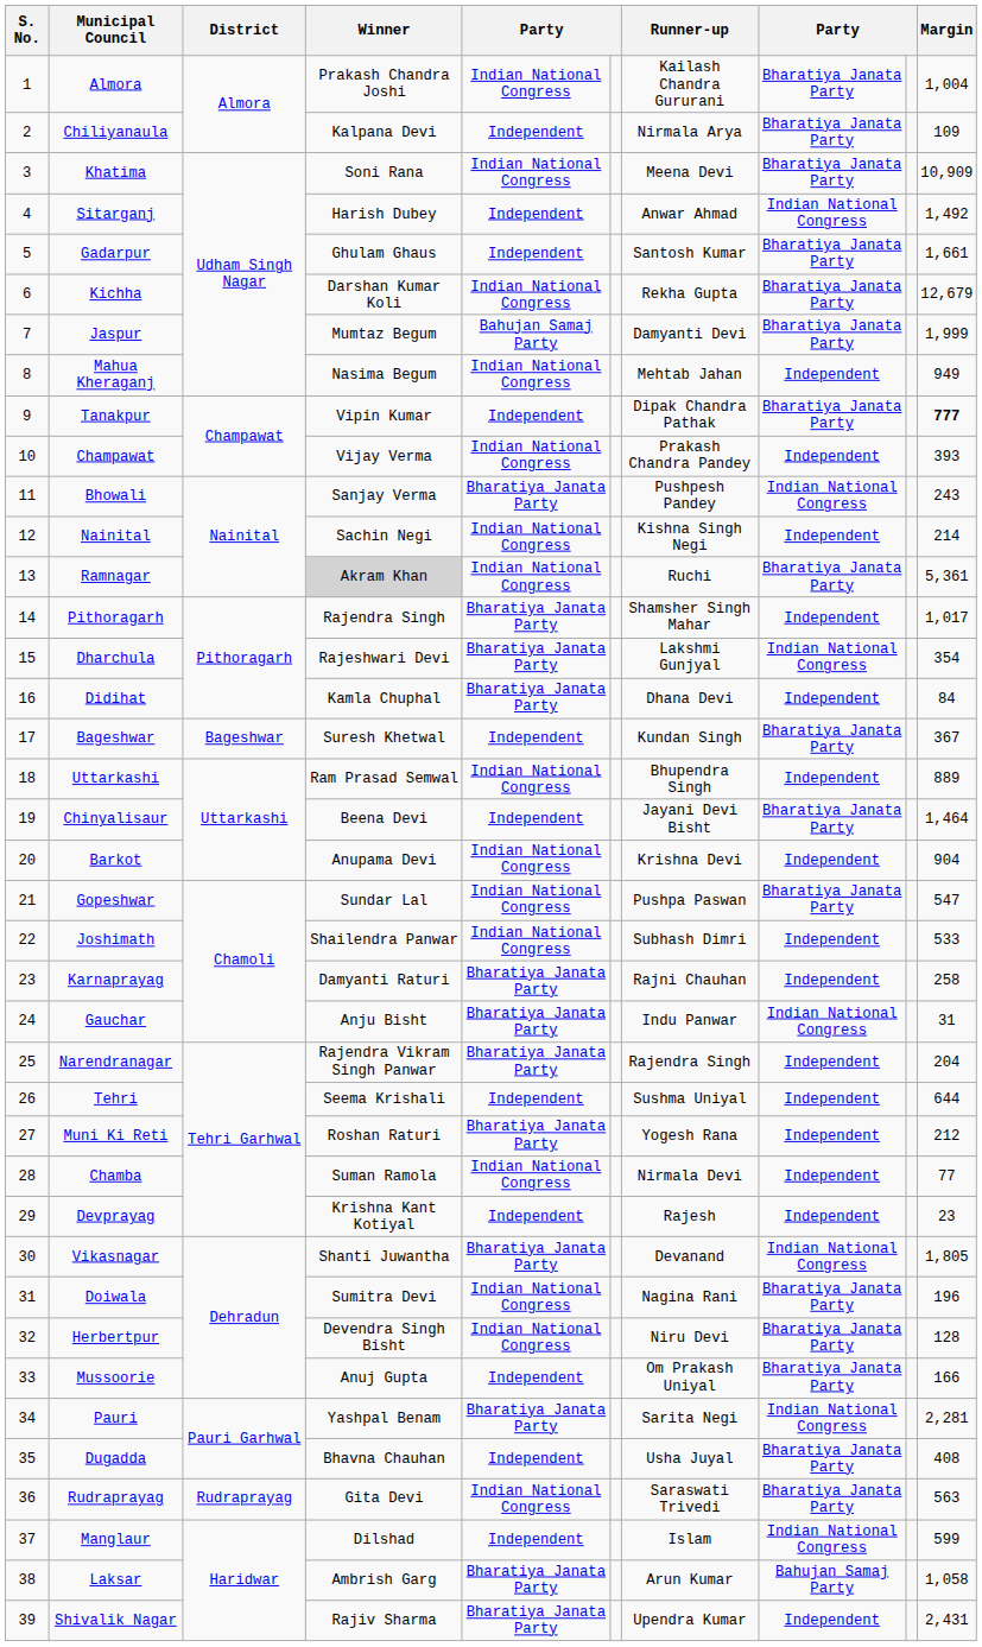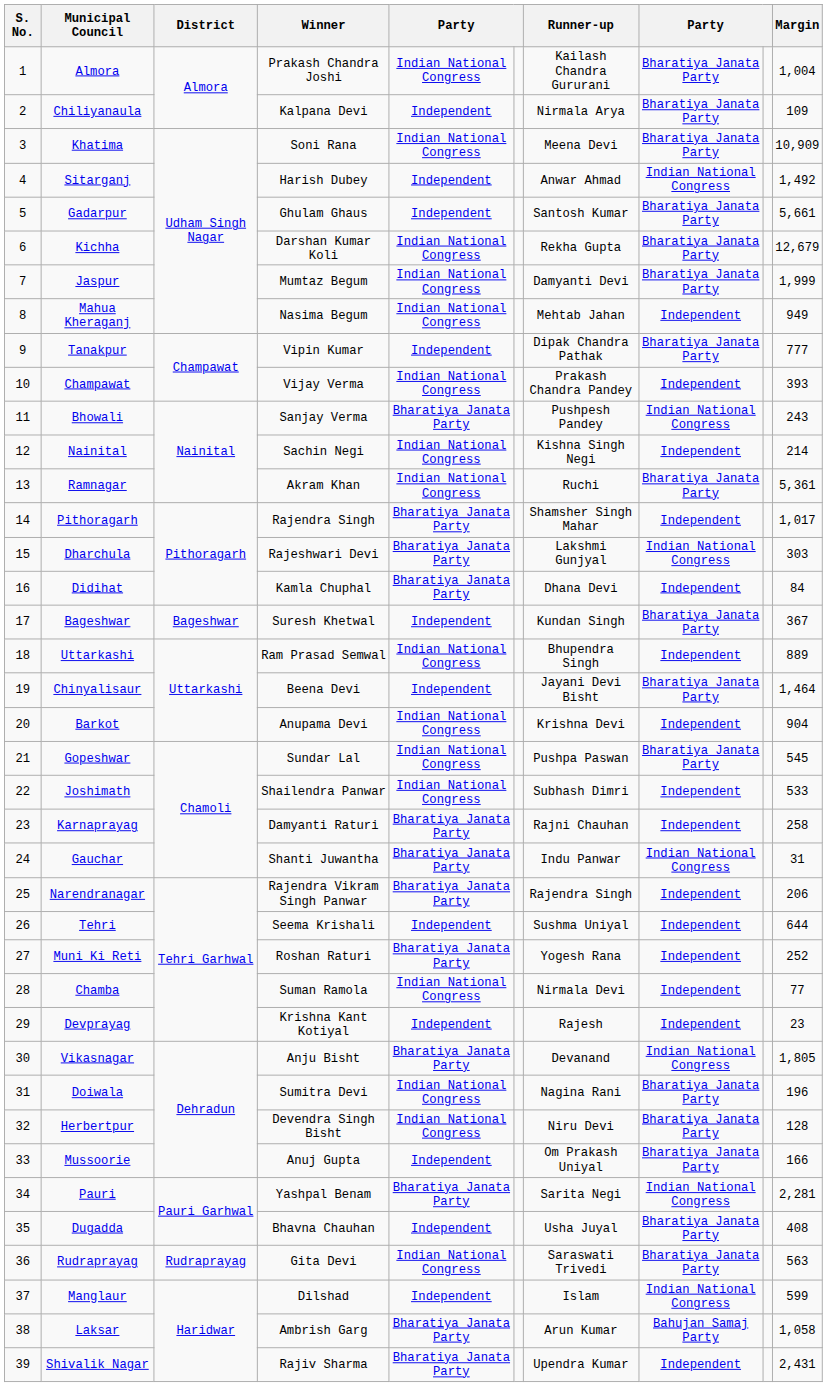 <table class="wikitable sortable">
 <tr style="text-align:center; height:45px;">
 <th scope="col">S. No.</th>
 <th>Municipal Council</th>
 <th>District</th>
 <th>Winner</th>
 <th colspan=2>Party</th>
 <th>Runner-up</th>
 <th colspan=2>Party</th>
 <th>Margin</th>
 </tr>
 <tr style="text-align:center; height:30px;">
 <td>1</td>
 <td><a href='#'>Almora</a></td>
 <td rowspan="2"><a href='#'>Almora</a></td>
 <td>Prakash Chandra Joshi</td>
 <td><a href='#'>Indian National Congress</a></td>
 <td width="4px" style="background-color: "></td>
 <td>Kailash Chandra Gururani</td>
 <td><a href='#'>Bharatiya Janata Party</a></td>
 <td width="4px" style="background-color: "></td>
 <td>1,004</td>
 </tr>
 <tr style="text-align:center; height:30px;">
 <td>2</td>
 <td><a href='#'>Chiliyanaula</a></td>
 <td>Kalpana Devi</td>
 <td><a href='#'>Independent</a></td>
 <td width="4px" style="background-color: "></td>
 <td>Nirmala Arya</td>
 <td><a href='#'>Bharatiya Janata Party</a></td>
 <td width="4px" style="background-color: "></td>
 <td>109</td>
 </tr>
 <tr style="text-align:center; height:30px;">
 <td>3</td>
 <td><a href='#'>Khatima</a></td>
 <td rowspan="6"><a href='#'>Udham Singh Nagar</a></td>
 <td>Soni Rana</td>
 <td><a href='#'>Indian National Congress</a></td>
 <td width="4px" style="background-color: "></td>
 <td>Meena Devi</td>
 <td><a href='#'>Bharatiya Janata Party</a></td>
 <td width="4px" style="background-color: "></td>
 <td>10,909</td>
 </tr>
 <tr style="text-align:center; height:30px;">
 <td>4</td>
 <td><a href='#'>Sitarganj</a></td>
 <td>Harish Dubey</td>
 <td><a href='#'>Independent</a></td>
 <td width="4px" style="background-color: "></td>
 <td>Anwar Ahmad</td>
 <td><a href='#'>Indian National Congress</a></td>
 <td width="4px" style="background-color: "></td>
 <td>1,492</td>
 </tr>
 <tr style="text-align:center; height:30px;">
 <td>5</td>
 <td><a href='#'>Gadarpur</a></td>
 <td>Ghulam Ghaus</td>
 <td><a href='#'>Independent</a></td>
 <td width="4px" style="background-color: "></td>
 <td>Santosh Kumar</td>
 <td><a href='#'>Bharatiya Janata Party</a></td>
 <td width="4px" style="background-color: "></td>
-<td>1,661</td>
+<td>5,661</td>
 </tr>
 <tr style="text-align:center; height:30px;">
 <td>6</td>
 <td><a href='#'>Kichha</a></td>
 <td>Darshan Kumar Koli</td>
 <td><a href='#'>Indian National Congress</a></td>
 <td width="4px" style="background-color: "></td>
 <td>Rekha Gupta</td>
 <td><a href='#'>Bharatiya Janata Party</a></td>
 <td width="4px" style="background-color: "></td>
 <td>12,679</td>
 </tr>
 <tr style="text-align:center; height:30px;">
 <td>7</td>
 <td><a href='#'>Jaspur</a></td>
 <td>Mumtaz Begum</td>
-<td><a href='#'>Bahujan Samaj Party</a></td>
+<td><a href='#'>Indian National Congress</a></td>
 <td width="4px" style="background-color: "></td>
 <td>Damyanti Devi</td>
 <td><a href='#'>Bharatiya Janata Party</a></td>
 <td width="4px" style="background-color: "></td>
 <td>1,999</td>
 </tr>
 <tr style="text-align:center; height:30px;">
 <td>8</td>
 <td><a href='#'>Mahua Kheraganj</a></td>
 <td>Nasima Begum</td>
 <td><a href='#'>Indian National Congress</a></td>
 <td width="4px" style="background-color: "></td>
 <td>Mehtab Jahan</td>
 <td><a href='#'>Independent</a></td>
 <td width="4px" style="background-color: "></td>
 <td>949</td>
 </tr>
 <tr style="text-align:center; height:30px;">
 <td>9</td>
 <td><a href='#'>Tanakpur</a></td>
 <td rowspan="2"><a href='#'>Champawat</a></td>
 <td>Vipin Kumar</td>
 <td><a href='#'>Independent</a></td>
 <td width="4px" style="background-color: "></td>
 <td>Dipak Chandra Pathak</td>
 <td><a href='#'>Bharatiya Janata Party</a></td>
 <td width="4px" style="background-color: "></td>
-<td><strong>777</strong></td>
+<td>777</td>
 </tr>
 <tr style="text-align:center; height:30px;">
 <td>10</td>
 <td><a href='#'>Champawat</a></td>
 <td>Vijay Verma</td>
 <td><a href='#'>Indian National Congress</a></td>
 <td width="4px" style="background-color: "></td>
 <td>Prakash Chandra Pandey</td>
 <td><a href='#'>Independent</a></td>
 <td width="4px" style="background-color: "></td>
 <td>393</td>
 </tr>
 <tr style="text-align:center; height:30px;">
 <td>11</td>
 <td><a href='#'>Bhowali</a></td>
 <td rowspan="3"><a href='#'>Nainital</a></td>
 <td>Sanjay Verma</td>
 <td><a href='#'>Bharatiya Janata Party</a></td>
 <td width="4px" style="background-color: "></td>
 <td>Pushpesh Pandey</td>
 <td><a href='#'>Indian National Congress</a></td>
 <td width="4px" style="background-color: "></td>
 <td>243</td>
 </tr>
 <tr style="text-align:center; height:30px;">
 <td>12</td>
 <td><a href='#'>Nainital</a></td>
 <td>Sachin Negi</td>
 <td><a href='#'>Indian National Congress</a></td>
 <td width="4px" style="background-color: "></td>
 <td>Kishna Singh Negi</td>
 <td><a href='#'>Independent</a></td>
 <td width="4px" style="background-color: "></td>
 <td>214</td>
 </tr>
 <tr style="text-align:center; height:30px;">
 <td>13</td>
 <td><a href='#'>Ramnagar</a></td>
-<td style="background: lightgrey;">Akram Khan</td>
+<td>Akram Khan</td>
 <td><a href='#'>Indian National Congress</a></td>
 <td width="4px" style="background-color: "></td>
 <td>Ruchi</td>
 <td><a href='#'>Bharatiya Janata Party</a></td>
 <td width="4px" style="background-color: "></td>
 <td>5,361</td>
 </tr>
 <tr style="text-align:center; height:30px;">
 <td>14</td>
 <td><a href='#'>Pithoragarh</a></td>
 <td rowspan="3"><a href='#'>Pithoragarh</a></td>
 <td>Rajendra Singh</td>
 <td><a href='#'>Bharatiya Janata Party</a></td>
 <td width="4px" style="background-color: "></td>
 <td>Shamsher Singh Mahar</td>
 <td><a href='#'>Independent</a></td>
 <td width="4px" style="background-color: "></td>
 <td>1,017</td>
 </tr>
 <tr style="text-align:center; height:30px;">
 <td>15</td>
 <td><a href='#'>Dharchula</a></td>
 <td>Rajeshwari Devi</td>
 <td><a href='#'>Bharatiya Janata Party</a></td>
 <td width="4px" style="background-color: "></td>
 <td>Lakshmi Gunjyal</td>
 <td><a href='#'>Indian National Congress</a></td>
 <td width="4px" style="background-color: "></td>
-<td>354</td>
+<td>303</td>
 </tr>
 <tr style="text-align:center; height:30px;">
 <td>16</td>
 <td><a href='#'>Didihat</a></td>
 <td>Kamla Chuphal</td>
 <td><a href='#'>Bharatiya Janata Party</a></td>
 <td width="4px" style="background-color: "></td>
 <td>Dhana Devi</td>
 <td><a href='#'>Independent</a></td>
 <td width="4px" style="background-color: "></td>
 <td>84</td>
 </tr>
 <tr style="text-align:center; height:30px;">
 <td>17</td>
 <td><a href='#'>Bageshwar</a></td>
 <td><a href='#'>Bageshwar</a></td>
 <td>Suresh Khetwal</td>
 <td><a href='#'>Independent</a></td>
 <td width="4px" style="background-color: "></td>
 <td>Kundan Singh</td>
 <td><a href='#'>Bharatiya Janata Party</a></td>
 <td width="4px" style="background-color: "></td>
 <td>367</td>
 </tr>
 <tr style="text-align:center; height:30px;">
 <td>18</td>
 <td><a href='#'>Uttarkashi</a></td>
 <td rowspan="3"><a href='#'>Uttarkashi</a></td>
 <td>Ram Prasad Semwal</td>
 <td><a href='#'>Indian National Congress</a></td>
 <td width="4px" style="background-color: "></td>
 <td>Bhupendra Singh</td>
 <td><a href='#'>Independent</a></td>
 <td width="4px" style="background-color: "></td>
 <td>889</td>
 </tr>
 <tr style="text-align:center; height:30px;">
 <td>19</td>
 <td><a href='#'>Chinyalisaur</a></td>
 <td>Beena Devi</td>
 <td><a href='#'>Independent</a></td>
 <td width="4px" style="background-color: "></td>
 <td>Jayani Devi Bisht</td>
 <td><a href='#'>Bharatiya Janata Party</a></td>
 <td width="4px" style="background-color: "></td>
 <td>1,464</td>
 </tr>
 <tr style="text-align:center; height:30px;">
 <td>20</td>
 <td><a href='#'>Barkot</a></td>
 <td>Anupama Devi</td>
 <td><a href='#'>Indian National Congress</a></td>
 <td width="4px" style="background-color: "></td>
 <td>Krishna Devi</td>
 <td><a href='#'>Independent</a></td>
 <td width="4px" style="background-color: "></td>
 <td>904</td>
 </tr>
 <tr style="text-align:center; height:30px;">
 <td>21</td>
 <td><a href='#'>Gopeshwar</a></td>
 <td rowspan="4"><a href='#'>Chamoli</a></td>
 <td>Sundar Lal</td>
 <td><a href='#'>Indian National Congress</a></td>
 <td width="4px" style="background-color: "></td>
 <td>Pushpa Paswan</td>
 <td><a href='#'>Bharatiya Janata Party</a></td>
 <td width="4px" style="background-color: "></td>
-<td>547</td>
+<td>545</td>
 </tr>
 <tr style="text-align:center; height:30px;">
 <td>22</td>
 <td><a href='#'>Joshimath</a></td>
 <td>Shailendra Panwar</td>
 <td><a href='#'>Indian National Congress</a></td>
 <td width="4px" style="background-color: "></td>
 <td>Subhash Dimri</td>
 <td><a href='#'>Independent</a></td>
 <td width="4px" style="background-color: "></td>
 <td>533</td>
 </tr>
 <tr style="text-align:center; height:30px;">
 <td>23</td>
 <td><a href='#'>Karnaprayag</a></td>
 <td>Damyanti Raturi</td>
 <td><a href='#'>Bharatiya Janata Party</a></td>
 <td width="4px" style="background-color: "></td>
 <td>Rajni Chauhan</td>
 <td><a href='#'>Independent</a></td>
 <td width="4px" style="background-color: "></td>
 <td>258</td>
 </tr>
 <tr style="text-align:center; height:30px;">
 <td>24</td>
 <td><a href='#'>Gauchar</a></td>
-<td>Anju Bisht</td>
+<td>Shanti Juwantha</td>
 <td><a href='#'>Bharatiya Janata Party</a></td>
 <td width="4px" style="background-color: "></td>
 <td>Indu Panwar</td>
 <td><a href='#'>Indian National Congress</a></td>
 <td width="4px" style="background-color: "></td>
 <td>31</td>
 </tr>
 <tr style="text-align:center; height:30px;">
 <td>25</td>
 <td><a href='#'>Narendranagar</a></td>
 <td rowspan="5"><a href='#'>Tehri Garhwal</a></td>
 <td>Rajendra Vikram Singh Panwar</td>
 <td><a href='#'>Bharatiya Janata Party</a></td>
 <td width="4px" style="background-color: "></td>
 <td>Rajendra Singh</td>
 <td><a href='#'>Independent</a></td>
 <td width="4px" style="background-color: "></td>
-<td>204</td>
+<td>206</td>
 </tr>
 <tr style="text-align:center; height:30px;">
 <td>26</td>
 <td><a href='#'>Tehri</a></td>
 <td>Seema Krishali</td>
 <td><a href='#'>Independent</a></td>
 <td width="4px" style="background-color: "></td>
 <td>Sushma Uniyal</td>
 <td><a href='#'>Independent</a></td>
 <td width="4px" style="background-color: "></td>
 <td>644</td>
 </tr>
 <tr style="text-align:center; height:30px;">
 <td>27</td>
 <td><a href='#'>Muni Ki Reti</a></td>
 <td>Roshan Raturi</td>
 <td><a href='#'>Bharatiya Janata Party</a></td>
 <td width="4px" style="background-color: "></td>
 <td>Yogesh Rana</td>
 <td><a href='#'>Independent</a></td>
 <td width="4px" style="background-color: "></td>
-<td>212</td>
+<td>252</td>
 </tr>
 <tr style="text-align:center; height:30px;">
 <td>28</td>
 <td><a href='#'>Chamba</a></td>
 <td>Suman Ramola</td>
 <td><a href='#'>Indian National Congress</a></td>
 <td width="4px" style="background-color: "></td>
 <td>Nirmala Devi</td>
 <td><a href='#'>Independent</a></td>
 <td width="4px" style="background-color: "></td>
 <td>77</td>
 </tr>
 <tr style="text-align:center; height:30px;">
 <td>29</td>
 <td><a href='#'>Devprayag</a></td>
 <td>Krishna Kant Kotiyal</td>
 <td><a href='#'>Independent</a></td>
 <td width="4px" style="background-color: "></td>
 <td>Rajesh</td>
 <td><a href='#'>Independent</a></td>
 <td width="4px" style="background-color: "></td>
 <td>23</td>
 </tr>
 <tr style="text-align:center; height:30px;">
 <td>30</td>
 <td><a href='#'>Vikasnagar</a></td>
 <td rowspan="4"><a href='#'>Dehradun</a></td>
-<td>Shanti Juwantha</td>
+<td>Anju Bisht</td>
 <td><a href='#'>Bharatiya Janata Party</a></td>
 <td width="4px" style="background-color: "></td>
 <td>Devanand</td>
 <td><a href='#'>Indian National Congress</a></td>
 <td width="4px" style="background-color: "></td>
 <td>1,805</td>
 </tr>
 <tr style="text-align:center; height:30px;">
 <td>31</td>
 <td><a href='#'>Doiwala</a></td>
 <td>Sumitra Devi</td>
 <td><a href='#'>Indian National Congress</a></td>
 <td width="4px" style="background-color: "></td>
 <td>Nagina Rani</td>
 <td><a href='#'>Bharatiya Janata Party</a></td>
 <td width="4px" style="background-color: "></td>
 <td>196</td>
 </tr>
 <tr style="text-align:center; height:30px;">
 <td>32</td>
 <td><a href='#'>Herbertpur</a></td>
 <td>Devendra Singh Bisht</td>
 <td><a href='#'>Indian National Congress</a></td>
 <td width="4px" style="background-color: "></td>
 <td>Niru Devi</td>
 <td><a href='#'>Bharatiya Janata Party</a></td>
 <td width="4px" style="background-color: "></td>
 <td>128</td>
 </tr>
 <tr style="text-align:center; height:30px;">
 <td>33</td>
 <td><a href='#'>Mussoorie</a></td>
 <td>Anuj Gupta</td>
 <td><a href='#'>Independent</a></td>
 <td width="4px" style="background-color: "></td>
 <td>Om Prakash Uniyal</td>
 <td><a href='#'>Bharatiya Janata Party</a></td>
 <td width="4px" style="background-color: "></td>
 <td>166</td>
 </tr>
 <tr style="text-align:center; height:30px;">
 <td>34</td>
 <td><a href='#'>Pauri</a></td>
 <td rowspan="2"><a href='#'>Pauri Garhwal</a></td>
 <td>Yashpal Benam</td>
 <td><a href='#'>Bharatiya Janata Party</a></td>
 <td width="4px" style="background-color: "></td>
 <td>Sarita Negi</td>
 <td><a href='#'>Indian National Congress</a></td>
 <td width="4px" style="background-color: "></td>
 <td>2,281</td>
 </tr>
 <tr style="text-align:center; height:30px;">
 <td>35</td>
 <td><a href='#'>Dugadda</a></td>
 <td>Bhavna Chauhan</td>
 <td><a href='#'>Independent</a></td>
 <td width="4px" style="background-color: "></td>
 <td>Usha Juyal</td>
 <td><a href='#'>Bharatiya Janata Party</a></td>
 <td width="4px" style="background-color: "></td>
 <td>408</td>
 </tr>
 <tr style="text-align:center; height:30px;">
 <td>36</td>
 <td><a href='#'>Rudraprayag</a></td>
 <td><a href='#'>Rudraprayag</a></td>
 <td>Gita Devi</td>
 <td><a href='#'>Indian National Congress</a></td>
 <td width="4px" style="background-color: "></td>
 <td>Saraswati Trivedi</td>
 <td><a href='#'>Bharatiya Janata Party</a></td>
 <td width="4px" style="background-color: "></td>
 <td>563</td>
 </tr>
 <tr style="text-align:center; height:30px;">
 <td>37</td>
 <td><a href='#'>Manglaur</a></td>
 <td rowspan="3"><a href='#'>Haridwar</a></td>
 <td>Dilshad</td>
 <td><a href='#'>Independent</a></td>
 <td width="4px" style="background-color: "></td>
 <td>Islam</td>
 <td><a href='#'>Indian National Congress</a></td>
 <td width="4px" style="background-color: "></td>
 <td>599</td>
 </tr>
 <tr style="text-align:center; height:30px;">
 <td>38</td>
 <td><a href='#'>Laksar</a></td>
 <td>Ambrish Garg</td>
 <td><a href='#'>Bharatiya Janata Party</a></td>
 <td width="4px" style="background-color: "></td>
 <td>Arun Kumar</td>
 <td><a href='#'>Bahujan Samaj Party</a></td>
 <td width="4px" style="background-color: "></td>
 <td>1,058</td>
 </tr>
 <tr style="text-align:center; height:30px;">
 <td>39</td>
 <td><a href='#'>Shivalik Nagar</a></td>
 <td>Rajiv Sharma</td>
 <td><a href='#'>Bharatiya Janata Party</a></td>
 <td width="4px" style="background-color: "></td>
 <td>Upendra Kumar</td>
 <td><a href='#'>Independent</a></td>
 <td width="4px" style="background-color: "></td>
 <td>2,431</td>
 </tr>
 </table>
